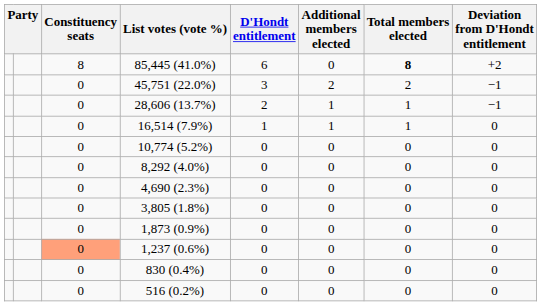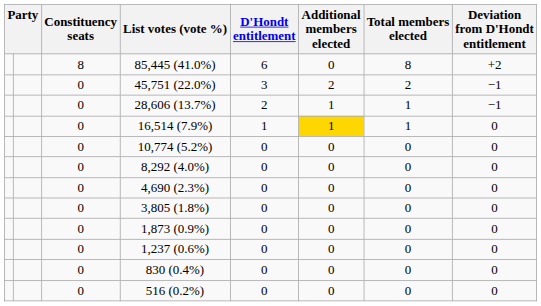 <table class="wikitable" style="text-align:center">
 <tr>
 <th colspan="2"  style="text-align:center; vertical-align:top;">Party</th>
 <th>Constituency<br>seats</th>
 <th>List votes (vote %)</th>
 <th><a href='#'>D'Hondt<br>entitlement</a></th>
 <th>Additional<br>members<br>elected</th>
 <th>Total members<br>elected</th>
 <th>Deviation<br>from D'Hondt<br>entitlement</th>
 </tr>
 <tr>
 <td style="width: 4px" bgcolor=></td>
 <td style="text-align: left;" scope="row"><a href='#'></a></td>
 <td>8</td>
 <td>85,445 (41.0%)</td>
 <td>6</td>
 <td>0</td>
-<td><strong>8</strong></td>
+<td>8</td>
 <td>+2</td>
 </tr>
 <tr>
 <td style="width: 4px" bgcolor=></td>
 <td style="text-align: left;" scope="row"><a href='#'></a></td>
 <td>0</td>
 <td>45,751 (22.0%)</td>
 <td>3</td>
 <td>2</td>
 <td>2</td>
 <td>−1</td>
 </tr>
 <tr>
 <td style="width: 4px" bgcolor=></td>
 <td style="text-align: left;" scope="row"><a href='#'></a></td>
 <td>0</td>
 <td>28,606 (13.7%)</td>
 <td>2</td>
 <td>1</td>
 <td>1</td>
 <td>−1</td>
 </tr>
 <tr>
 <td style="width: 4px" bgcolor=></td>
 <td style="text-align: left;" scope="row"><a href='#'></a></td>
 <td>0</td>
 <td>16,514 (7.9%)</td>
 <td>1</td>
-<td>1</td>
+<td style="background: gold;">1</td>
 <td>1</td>
 <td>0</td>
 </tr>
 <tr>
 <td style="width: 4px" bgcolor=></td>
 <td style="text-align: left;" scope="row"><a href='#'></a></td>
 <td>0</td>
 <td>10,774 (5.2%)</td>
 <td>0</td>
 <td>0</td>
 <td>0</td>
 <td>0</td>
 </tr>
 <tr>
 <td style="width: 4px" bgcolor=></td>
 <td style="text-align: left;" scope="row"><a href='#'></a></td>
 <td>0</td>
 <td>8,292 (4.0%)</td>
 <td>0</td>
 <td>0</td>
 <td>0</td>
 <td>0</td>
 </tr>
 <tr>
 <td style="width: 4px" bgcolor=></td>
 <td style="text-align: left;" scope="row"><a href='#'></a></td>
 <td>0</td>
 <td>4,690 (2.3%)</td>
 <td>0</td>
 <td>0</td>
 <td>0</td>
 <td>0</td>
 </tr>
 <tr>
 <td style="width: 4px" bgcolor=></td>
 <td style="text-align: left;" scope="row"><a href='#'></a></td>
 <td>0</td>
 <td>3,805 (1.8%)</td>
 <td>0</td>
 <td>0</td>
 <td>0</td>
 <td>0</td>
 </tr>
 <tr>
 <td style="width: 4px" bgcolor=></td>
 <td style="text-align: left;" scope="row"><a href='#'></a></td>
 <td>0</td>
 <td>1,873 (0.9%)</td>
 <td>0</td>
 <td>0</td>
 <td>0</td>
 <td>0</td>
 </tr>
 <tr>
 <td style="width: 4px" bgcolor=></td>
 <td style="text-align: left;" scope="row"><a href='#'></a></td>
-<td style="background: lightsalmon;">0</td>
+<td>0</td>
 <td>1,237 (0.6%)</td>
 <td>0</td>
 <td>0</td>
 <td>0</td>
 <td>0</td>
 </tr>
 <tr>
 <td style="width: 4px" bgcolor=></td>
 <td style="text-align: left;" scope="row"><a href='#'></a></td>
 <td>0</td>
 <td>830 (0.4%)</td>
 <td>0</td>
 <td>0</td>
 <td>0</td>
 <td>0</td>
 </tr>
 <tr>
 <td style="width: 4px" bgcolor=></td>
 <td style="text-align: left;" scope="row"><a href='#'></a></td>
 <td>0</td>
 <td>516 (0.2%)</td>
 <td>0</td>
 <td>0</td>
 <td>0</td>
 <td>0</td>
 </tr>
 </table>
